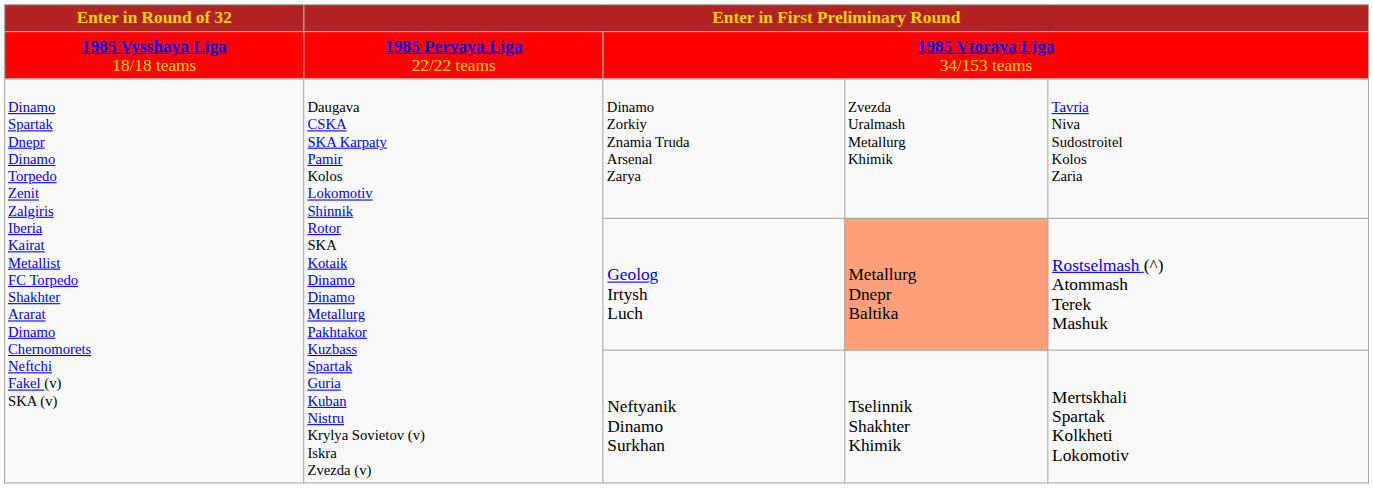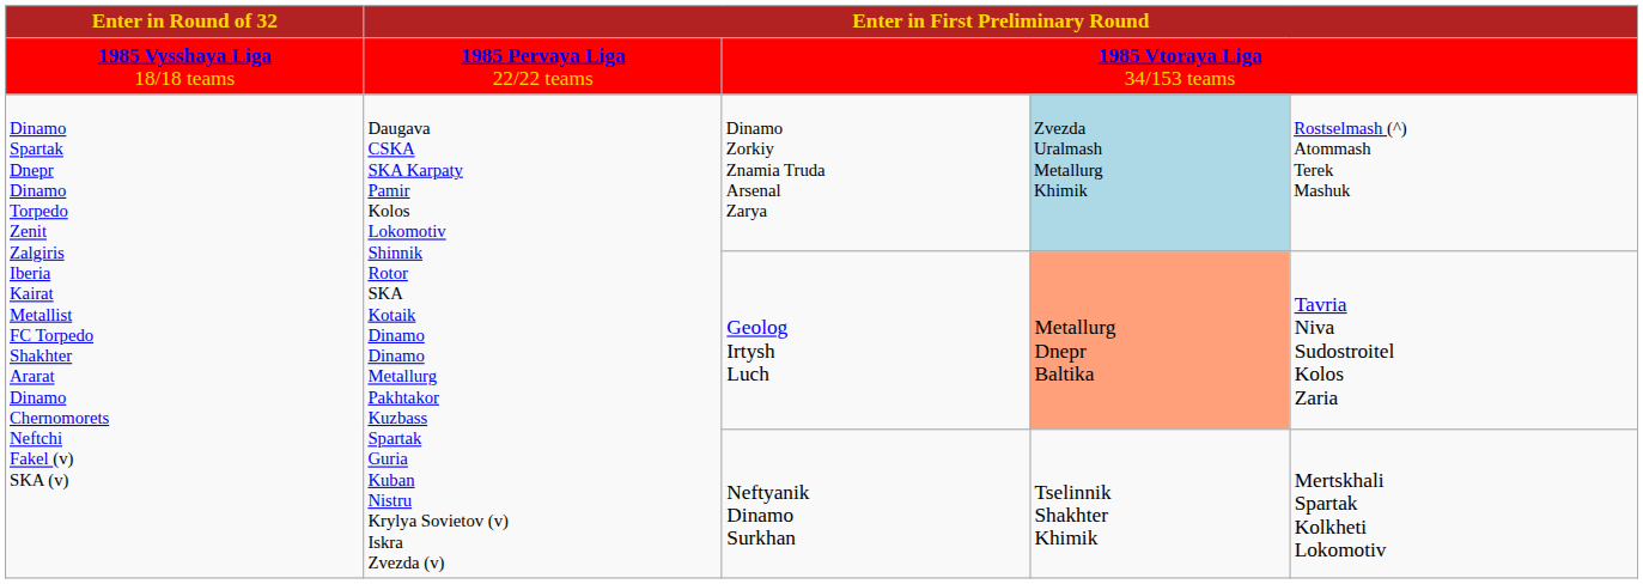 <table class="wikitable" style="width:100%;">
 <tr style="background:Firebrick; text-align:center;">
 <td style="width:18%; color:Gold" colspan="1"><strong>Enter in Round of 32</strong></td>
 <td style="width:82%; color:Gold" colspan="4"><strong>Enter in First Preliminary Round</strong></td>
 </tr>
 <tr style="background:Red;">
 <td style="text-align:center; width:18%; color:Gold"><strong><a href='#'><span>1985 Vysshaya Liga</span></a></strong><br>18/18 teams</td>
 <td style="text-align:center; width:18%; color:Gold"><strong><a href='#'><span>1985 Pervaya Liga</span></a></strong><br>22/22 teams</td>
 <td style="text-align:center; width:46%; color:Gold" colspan=3><strong><a href='#'><span>1985 Vtoraya Liga</span></a></strong><br>34/153 teams</td>
 </tr>
 <tr style="vertical-align:top; font-size:85%;">
 <td rowspan=3><br> <a href='#'>Dinamo </a><br>  <a href='#'>Spartak </a><br>  <a href='#'>Dnepr </a><br>  <a href='#'>Dinamo </a><br>  <a href='#'>Torpedo </a><br>  <a href='#'>Zenit </a><br>  <a href='#'>Zalgiris </a><br>  <a href='#'>Iberia </a><br>  <a href='#'>Kairat </a><br>  <a href='#'>Metallist </a><br>  <a href='#'>FC Torpedo </a><br>  <a href='#'>Shakhter </a><br>  <a href='#'>Ararat </a><br>  <a href='#'>Dinamo </a><br>  <a href='#'>Chernomorets </a><br>  <a href='#'>Neftchi </a><br>  <a href='#'>Fakel </a> (v)<br>  SKA  (v)</td>
 <td rowspan=3><br> Daugava <br>  <a href='#'>CSKA </a><br>  <a href='#'>SKA Karpaty </a><br>  <a href='#'>Pamir </a><br>  Kolos <br>  <a href='#'>Lokomotiv </a><br>  <a href='#'>Shinnik </a><br>  <a href='#'>Rotor </a><br>  SKA <br>  <a href='#'>Kotaik </a><br>  <a href='#'>Dinamo </a><br>  <a href='#'>Dinamo </a><br>  <a href='#'>Metallurg </a><br>  <a href='#'>Pakhtakor </a><br>  <a href='#'>Kuzbass </a><br>  <a href='#'>Spartak </a><br>  <a href='#'>Guria </a><br>  <a href='#'>Kuban </a><br>  <a href='#'>Nistru </a><br>  Krylya Sovietov  (v)<br>  Iskra <br>  Zvezda  (v)</td>
 <td><br> Dinamo <br>  Zorkiy <br>  Znamia Truda <br>  Arsenal <br>  Zarya <br></td>
-<td><br> Zvezda <br>  Uralmash <br>  Metallurg <br>  Khimik <br></td>
-<td><br> <a href='#'>Tavria </a><br>  Niva <br>  Sudostroitel <br>  Kolos <br>  Zaria <br></td>
+<td style="background: lightblue;"><br> Zvezda <br>  Uralmash <br>  Metallurg <br>  Khimik <br></td>
+<td><br> <a href='#'>Rostselmash </a> (^)<br>  Atommash <br>  Terek <br>  Mashuk <br></td>
 </tr>
 <tr>
 <td><br> <a href='#'>Geolog </a><br>  Irtysh <br>  Luch <br></td>
 <td style="background: lightsalmon;"><br> Metallurg <br>  Dnepr <br>  Baltika <br></td>
-<td><br> <a href='#'>Rostselmash </a> (^)<br>  Atommash <br>  Terek <br>  Mashuk <br></td>
+<td><br> <a href='#'>Tavria </a><br>  Niva <br>  Sudostroitel <br>  Kolos <br>  Zaria <br></td>
 </tr>
 <tr>
 <td><br> Neftyanik <br>  Dinamo <br>  Surkhan <br></td>
 <td><br> Tselinnik <br>  Shakhter <br>  Khimik <br></td>
 <td><br> Mertskhali <br>  Spartak <br>  Kolkheti <br>  Lokomotiv <br></td>
 </tr>
 </table>
